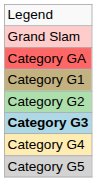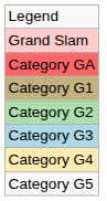 <table class="wikitable sortable mw-collapsible mw-collapsed">
 <tr>
 <td>Legend</td>
 </tr>
 <tr bgcolor=#ffcccc>
 <td>Grand Slam</td>
 </tr>
 <tr bgcolor=#FF6666>
 <td>Category GA</td>
 </tr>
 <tr bgcolor=#C2B280>
 <td>Category G1</td>
 </tr>
 <tr bgcolor="#ADDFAD">
 <td>Category G2</td>
 </tr>
 <tr bgcolor="lightblue">
-<td><strong>Category G3</strong></td>
+<td>Category G3</td>
 </tr>
 <tr bgcolor=#ffecb2>
 <td>Category G4</td>
 </tr>
 <tr>
-<td style="background: lightgrey;">Category G5</td>
+<td>Category G5</td>
 </tr>
 </table>
